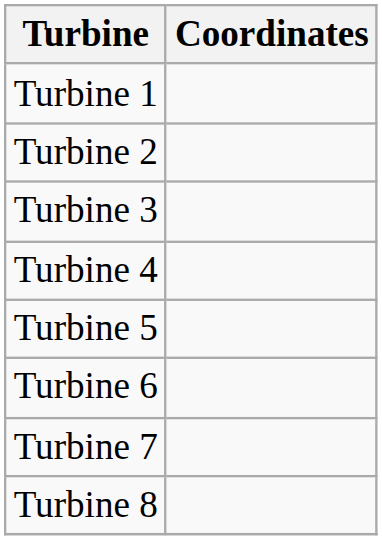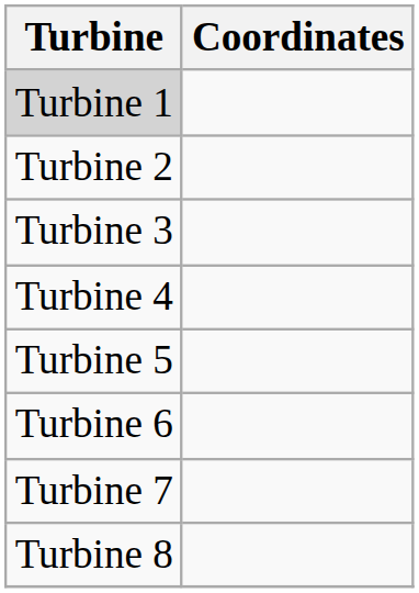 <table class="wikitable">
 <tr>
 <th>Turbine</th>
 <th>Coordinates</th>
 </tr>
 <tr>
-<td>Turbine 1</td>
+<td style="background: lightgrey;">Turbine 1</td>
 <td></td>
 </tr>
 <tr>
 <td>Turbine 2</td>
 <td></td>
 </tr>
 <tr>
 <td>Turbine 3</td>
 <td></td>
 </tr>
 <tr>
 <td>Turbine 4</td>
 <td></td>
 </tr>
 <tr>
 <td>Turbine 5</td>
 <td></td>
 </tr>
 <tr>
 <td>Turbine 6</td>
 <td></td>
 </tr>
 <tr>
 <td>Turbine 7</td>
 <td></td>
 </tr>
 <tr>
 <td>Turbine 8</td>
 <td></td>
 </tr>
 <tr>
 </tr>
 </table>
